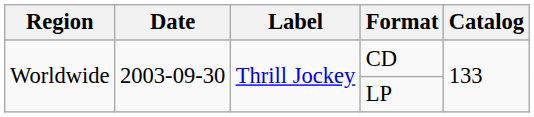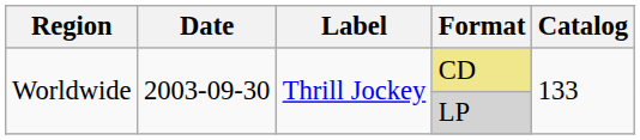 <table class="wikitable">
 <tr>
 <th>Region</th>
 <th>Date</th>
 <th>Label</th>
 <th>Format</th>
 <th>Catalog</th>
 </tr>
 <tr>
 <td rowspan="2">Worldwide</td>
 <td rowspan="2">2003-09-30</td>
 <td rowspan="2"><a href='#'>Thrill Jockey</a></td>
-<td>CD</td>
+<td style="background: khaki;">CD</td>
 <td rowspan="2">133</td>
 </tr>
 <tr>
-<td>LP</td>
+<td style="background: lightgrey;">LP</td>
 </tr>
 </table>
